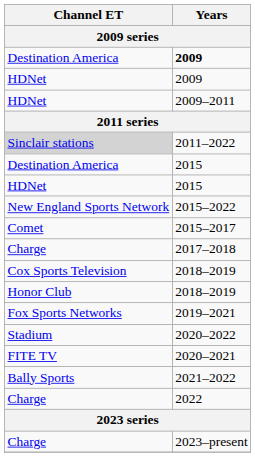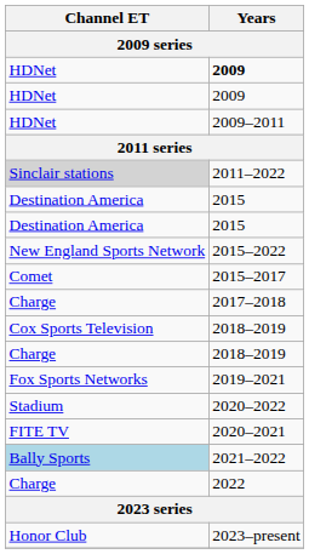 <table class="wikitable" style="margin:0; font–size: 95%">
 <tr>
 <th>Channel  ET</th>
 <th>Years</th>
 </tr>
 <tr>
 <th colspan=2>2009 series</th>
 </tr>
 <tr>
-<td><a href='#'>Destination America</a></td>
+<td><a href='#'>HDNet</a> </td>
 <td><strong>2009</strong></td>
 </tr>
 <tr>
 <td><a href='#'>HDNet</a> </td>
 <td>2009</td>
 </tr>
 <tr>
 <td><a href='#'>HDNet</a> </td>
 <td>2009–2011</td>
 </tr>
 <tr>
 <th colspan=2>2011 series</th>
 </tr>
 <tr>
 <td style="background: lightgrey;"><a href='#'>Sinclair stations</a></td>
 <td>2011–2022</td>
 </tr>
 <tr>
 <td><a href='#'>Destination America</a></td>
 <td>2015</td>
 </tr>
 <tr>
-<td><a href='#'>HDNet</a> </td>
+<td><a href='#'>Destination America</a></td>
 <td>2015</td>
 </tr>
 <tr>
 <td><a href='#'>New England Sports Network</a></td>
 <td>2015–2022</td>
 </tr>
 <tr>
 <td><a href='#'>Comet</a></td>
 <td>2015–2017</td>
 </tr>
 <tr>
 <td><a href='#'>Charge</a></td>
 <td>2017–2018</td>
 </tr>
 <tr>
 <td><a href='#'>Cox Sports Television</a></td>
 <td>2018–2019</td>
 </tr>
 <tr>
-<td><a href='#'>Honor Club</a></td>
+<td><a href='#'>Charge</a></td>
 <td>2018–2019</td>
 </tr>
 <tr>
 <td><a href='#'>Fox Sports Networks</a></td>
 <td>2019–2021</td>
 </tr>
 <tr>
 <td><a href='#'>Stadium</a></td>
 <td>2020–2022</td>
 </tr>
 <tr>
 <td><a href='#'>FITE TV</a></td>
 <td>2020–2021</td>
 </tr>
 <tr>
-<td><a href='#'>Bally Sports</a></td>
+<td style="background: lightblue;"><a href='#'>Bally Sports</a></td>
 <td>2021–2022</td>
 </tr>
 <tr>
 <td><a href='#'>Charge</a></td>
 <td>2022</td>
 </tr>
 <tr>
 <th colspan=2>2023 series</th>
 </tr>
 <tr>
-<td><a href='#'>Charge</a></td>
+<td><a href='#'>Honor Club</a></td>
 <td>2023–present</td>
 </tr>
 <tr>
 </tr>
 </table>
